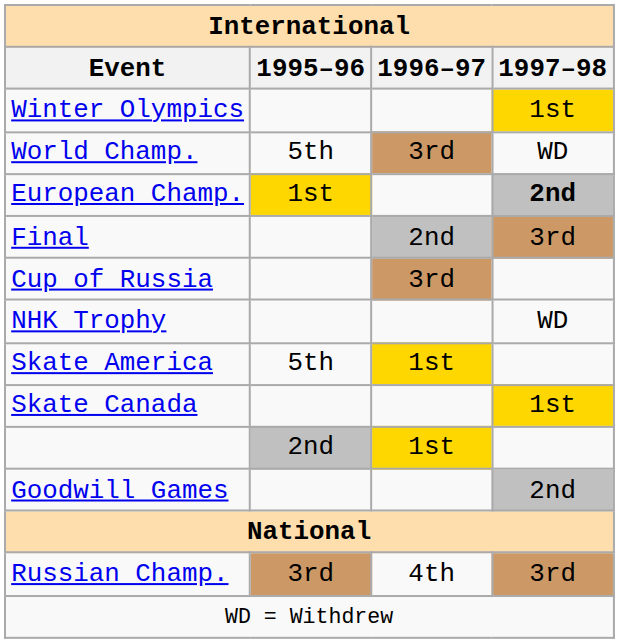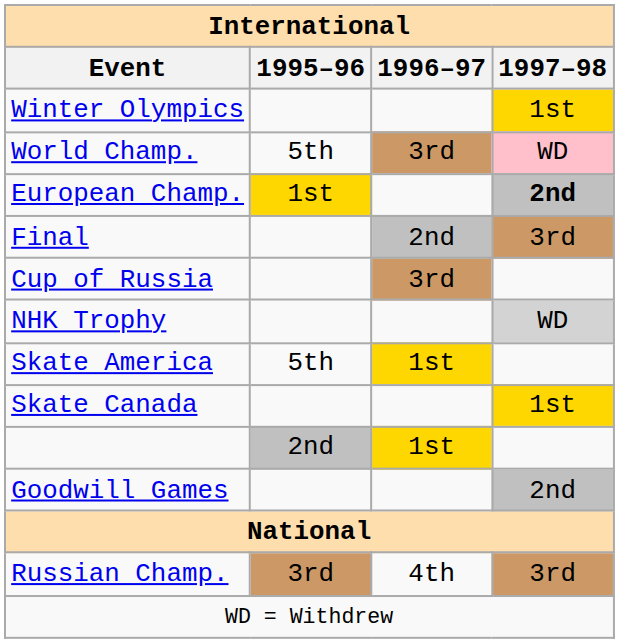 <table class="wikitable" style="text-align:center">
 <tr>
 <th style="background-color: #ffdead; " colspan=4 align=center><strong>International</strong></th>
 </tr>
 <tr>
 <th>Event</th>
 <th>1995–96</th>
 <th>1996–97</th>
 <th>1997–98</th>
 </tr>
 <tr>
 <td align=left><a href='#'>Winter Olympics</a></td>
 <td></td>
 <td></td>
 <td bgcolor=gold>1st</td>
 </tr>
 <tr>
 <td align=left><a href='#'>World Champ.</a></td>
 <td>5th</td>
 <td bgcolor=cc9966>3rd</td>
-<td>WD</td>
+<td style="background: pink;">WD</td>
 </tr>
 <tr>
 <td align=left><a href='#'>European Champ.</a></td>
 <td bgcolor=gold>1st</td>
 <td></td>
 <td bgcolor=silver><strong>2nd</strong></td>
 </tr>
 <tr>
 <td align=left> <a href='#'>Final</a></td>
 <td></td>
 <td bgcolor=silver>2nd</td>
 <td bgcolor=cc9966>3rd</td>
 </tr>
 <tr>
 <td align=left> <a href='#'>Cup of Russia</a></td>
 <td></td>
 <td bgcolor=cc9966>3rd</td>
 <td></td>
 </tr>
 <tr>
 <td align=left> <a href='#'>NHK Trophy</a></td>
 <td></td>
 <td></td>
-<td>WD</td>
+<td style="background: lightgrey;">WD</td>
 </tr>
 <tr>
 <td align=left> <a href='#'>Skate America</a></td>
 <td>5th</td>
 <td bgcolor=gold>1st</td>
 <td></td>
 </tr>
 <tr>
 <td align=left> <a href='#'>Skate Canada</a></td>
 <td></td>
 <td></td>
 <td bgcolor=gold>1st</td>
 </tr>
 <tr>
 <td align=left> <a href='#'></a></td>
 <td bgcolor=silver>2nd</td>
 <td bgcolor=gold>1st</td>
 <td></td>
 </tr>
 <tr>
 <td align=left><a href='#'>Goodwill Games</a></td>
 <td></td>
 <td></td>
 <td bgcolor=silver>2nd</td>
 </tr>
 <tr>
 <th style="background-color: #ffdead; " colspan=4 align=center><strong>National</strong></th>
 </tr>
 <tr>
 <td align=left><a href='#'>Russian Champ.</a></td>
 <td bgcolor=cc9966>3rd</td>
 <td>4th</td>
 <td bgcolor=cc9966>3rd</td>
 </tr>
 <tr>
 <td colspan=4 align=center><small> WD = Withdrew </small></td>
 </tr>
 </table>
